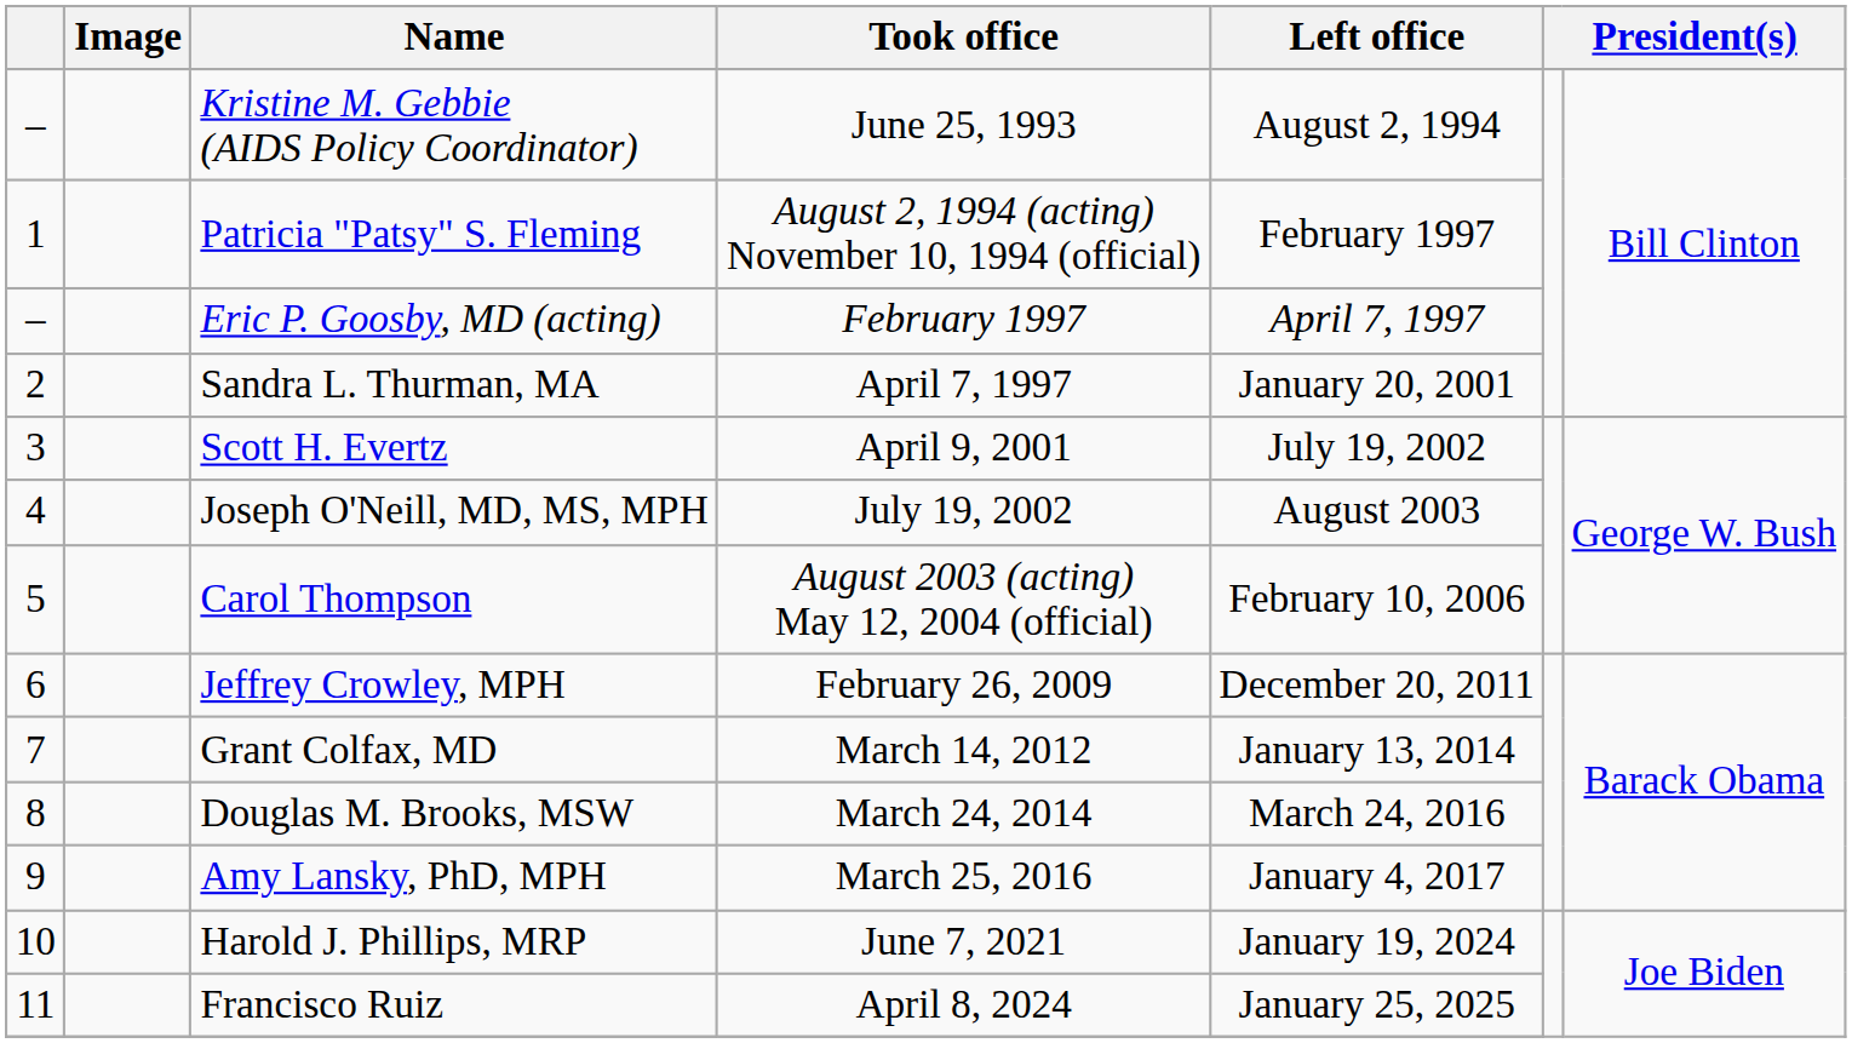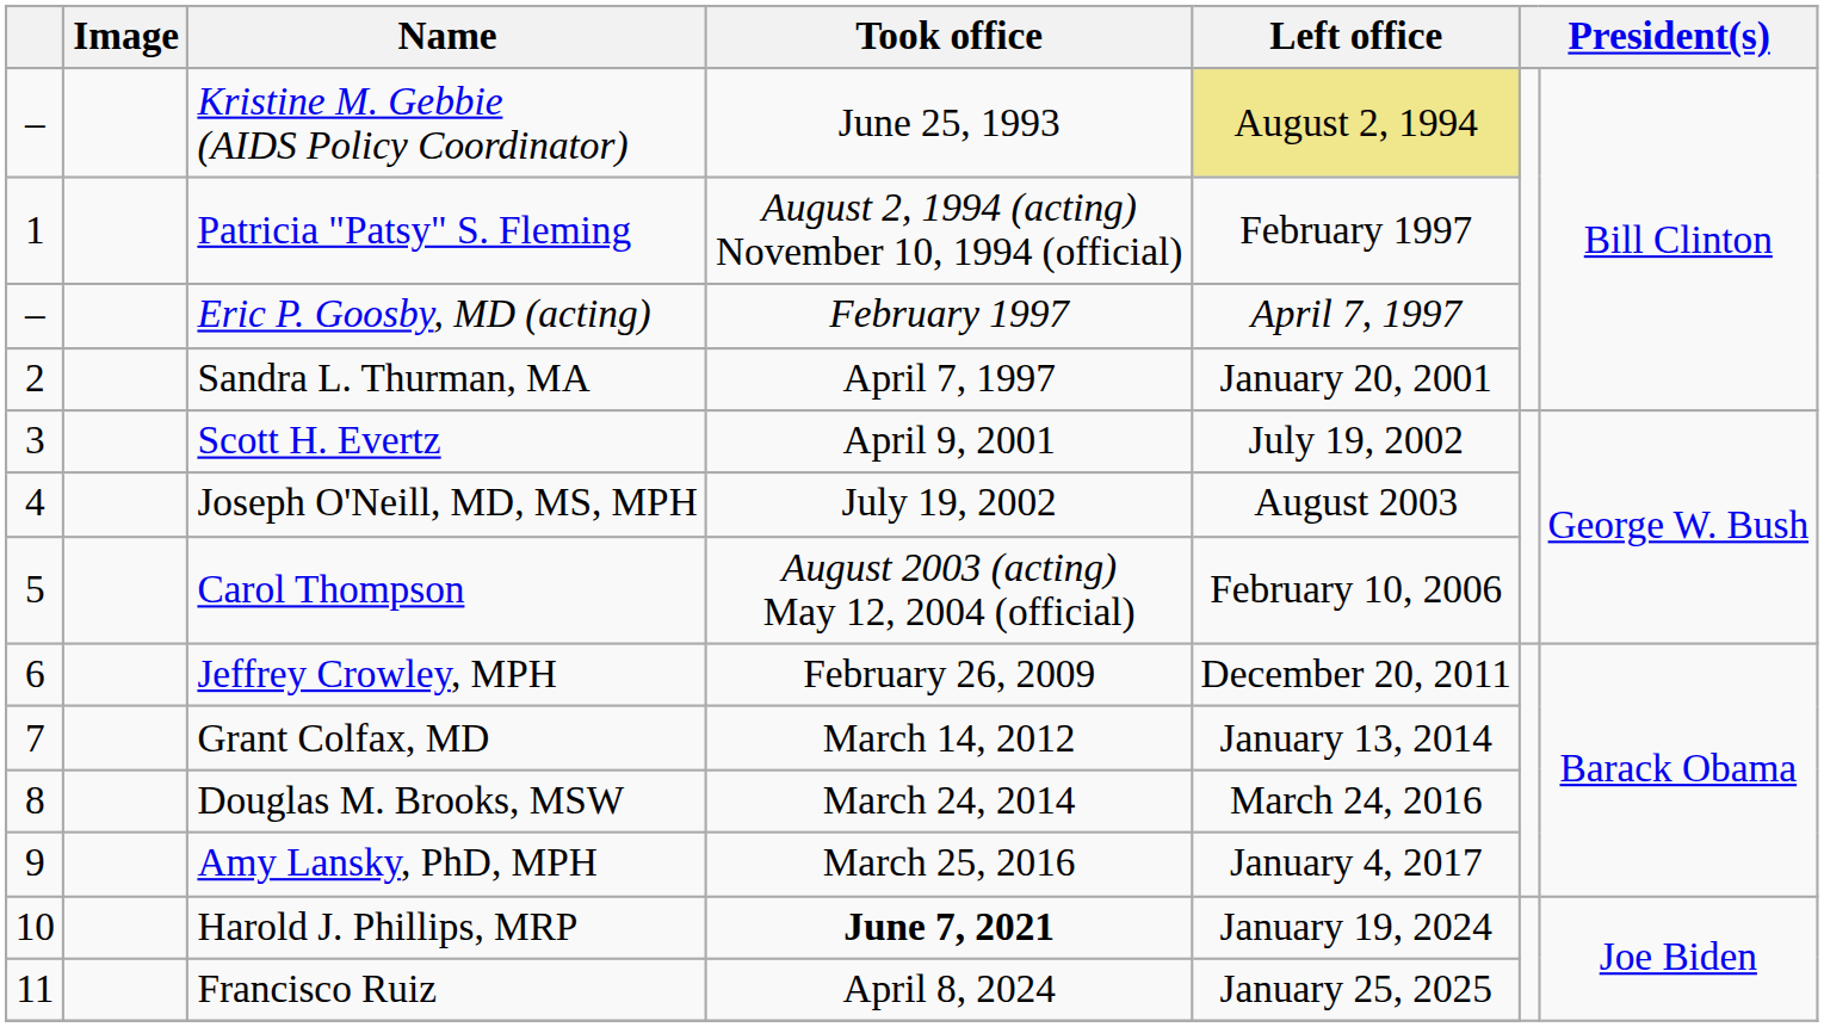 <table class="wikitable" style="text-align:center">
 <tr>
 <th></th>
 <th>Image</th>
 <th>Name</th>
 <th>Took office</th>
 <th>Left office</th>
 <th colspan="2"><a href='#'>President(s)</a></th>
 </tr>
 <tr>
 <td>–</td>
 <td></td>
 <td align="left"><em><a href='#'>Kristine M. Gebbie</a></em><br><em>(AIDS Policy Coordinator)</em></td>
 <td>June 25, 1993</td>
-<td>August 2, 1994</td>
+<td style="background: khaki;">August 2, 1994</td>
 <td rowspan="4" style="background: "></td>
 <td rowspan="4"><a href='#'>Bill Clinton</a></td>
 </tr>
 <tr>
 <td>1</td>
 <td></td>
 <td align="left"><a href='#'>Patricia "Patsy" S. Fleming</a></td>
 <td><em>August 2, 1994 (acting)</em><br>November 10, 1994 (official)</td>
 <td>February 1997</td>
 </tr>
 <tr>
 <td>–</td>
 <td></td>
 <td align="left"><em><a href='#'>Eric P. Goosby</a>, MD (acting)</em></td>
 <td><em>February 1997</em></td>
 <td><em>April 7, 1997</em></td>
 </tr>
 <tr>
 <td>2</td>
 <td></td>
 <td align="left">Sandra L. Thurman, MA</td>
 <td>April 7, 1997</td>
 <td>January 20, 2001</td>
 </tr>
 <tr>
 <td>3</td>
 <td></td>
 <td align="left"><a href='#'>Scott H. Evertz</a></td>
 <td>April 9, 2001</td>
 <td>July 19, 2002</td>
 <td rowspan="3" style="background: "></td>
 <td rowspan="3"><a href='#'>George W. Bush</a></td>
 </tr>
 <tr>
 <td>4</td>
 <td></td>
 <td align="left">Joseph O'Neill, MD, MS, MPH</td>
 <td>July 19, 2002</td>
 <td>August 2003</td>
 </tr>
 <tr>
 <td>5</td>
 <td></td>
 <td align="left"><a href='#'>Carol Thompson</a></td>
 <td><em>August 2003 (acting)</em><br>May 12, 2004 (official)</td>
 <td>February 10, 2006</td>
 </tr>
 <tr>
 <td>6</td>
 <td></td>
 <td align="left"><a href='#'>Jeffrey Crowley</a>, MPH</td>
 <td>February 26, 2009</td>
 <td>December 20, 2011</td>
 <td rowspan="4" style="background: "></td>
 <td rowspan="4"><a href='#'>Barack Obama</a></td>
 </tr>
 <tr>
 <td>7</td>
 <td></td>
 <td align="left">Grant Colfax, MD</td>
 <td>March 14, 2012</td>
 <td>January 13, 2014</td>
 </tr>
 <tr>
 <td>8</td>
 <td></td>
 <td align="left">Douglas M. Brooks, MSW</td>
 <td>March 24, 2014</td>
 <td>March 24, 2016</td>
 </tr>
 <tr>
 <td>9</td>
 <td></td>
 <td align="left"><a href='#'>Amy Lansky</a>, PhD, MPH</td>
 <td>March 25, 2016</td>
 <td>January 4, 2017</td>
 </tr>
 <tr>
 <td>10</td>
 <td></td>
 <td align="left">Harold J. Phillips, MRP</td>
-<td>June 7, 2021</td>
+<td><strong>June 7, 2021</strong></td>
 <td>January 19, 2024</td>
 <td rowspan="4" style="background: "></td>
 <td rowspan="5"><a href='#'>Joe Biden</a></td>
 </tr>
 <tr>
 <td>11</td>
 <td></td>
 <td align="left">Francisco Ruiz</td>
 <td>April 8, 2024</td>
 <td>January 25, 2025</td>
 </tr>
 <tr>
 </tr>
 </table>
